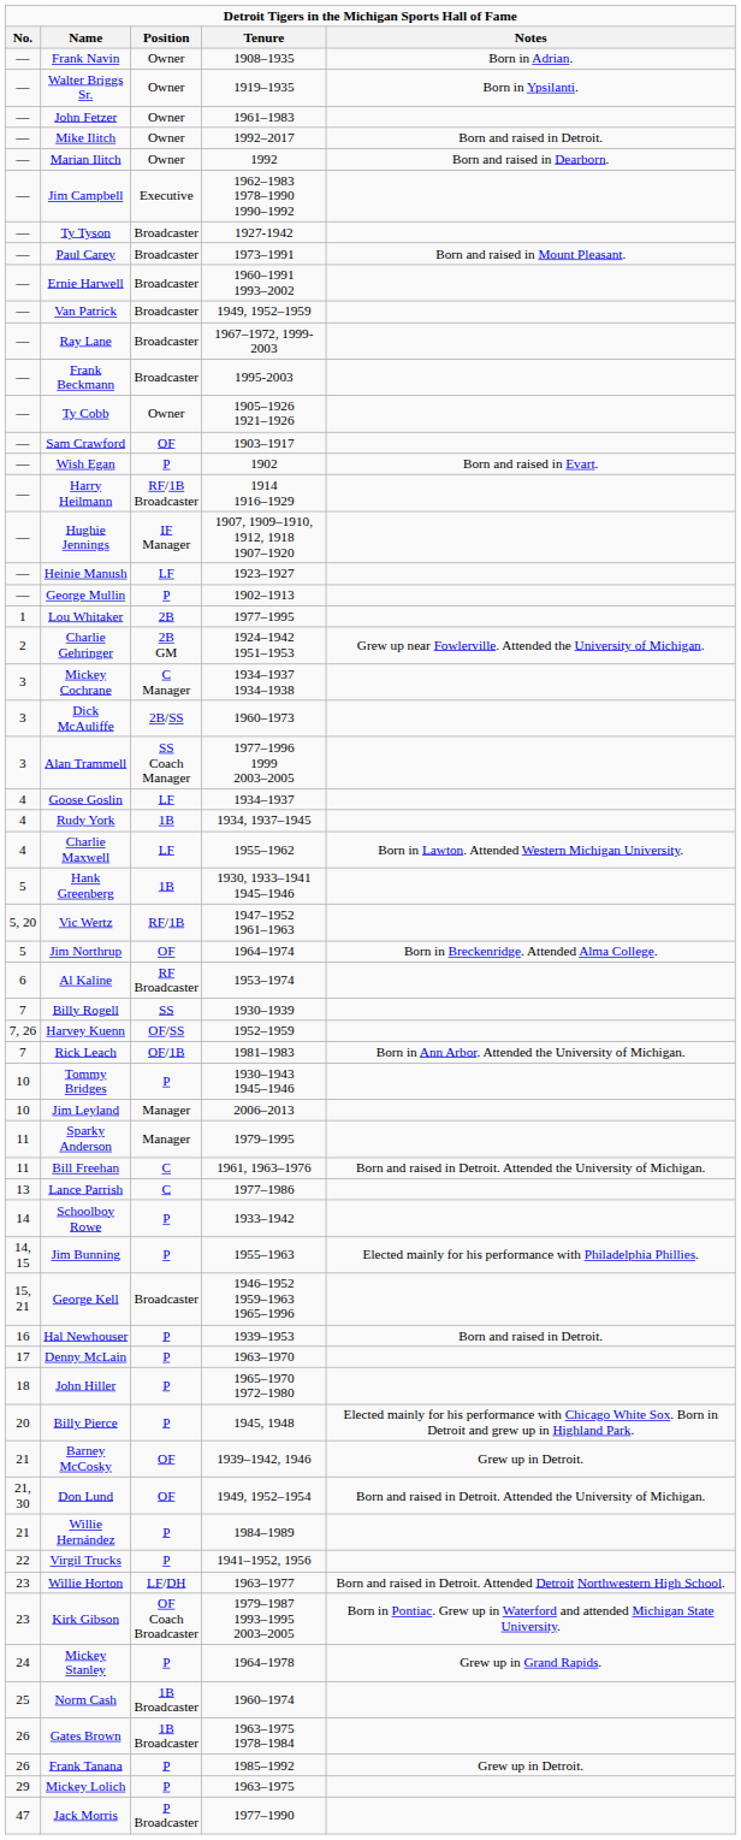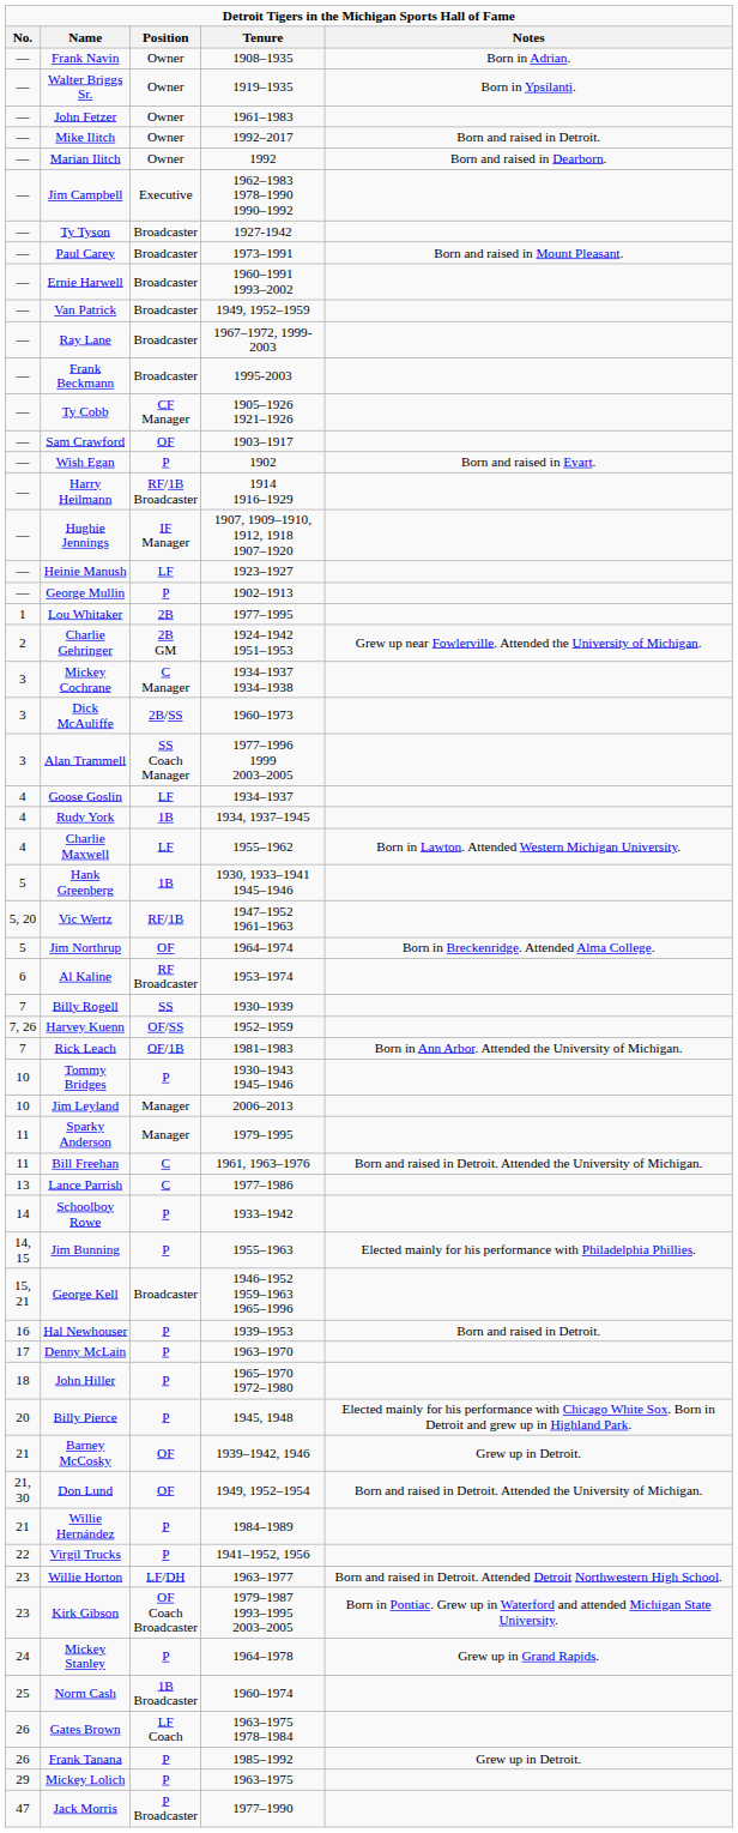 <table class="wikitable" style="text-align:center">
 <tr>
 <td colspan="5"><strong>Detroit Tigers in the Michigan Sports Hall of Fame</strong></td>
 </tr>
 <tr>
 <th>No.</th>
 <th>Name</th>
 <th>Position</th>
 <th>Tenure</th>
 <th>Notes</th>
 </tr>
 <tr>
 <td>—</td>
 <td><a href='#'>Frank Navin</a></td>
 <td>Owner</td>
 <td>1908–1935</td>
 <td>Born in <a href='#'>Adrian</a>.</td>
 </tr>
 <tr>
 <td>—</td>
 <td><a href='#'>Walter Briggs Sr.</a></td>
 <td>Owner</td>
 <td>1919–1935</td>
 <td>Born in <a href='#'>Ypsilanti</a>.</td>
 </tr>
 <tr>
 <td>—</td>
 <td><a href='#'>John Fetzer</a></td>
 <td>Owner</td>
 <td>1961–1983</td>
 <td></td>
 </tr>
 <tr>
 <td>—</td>
 <td><a href='#'>Mike Ilitch</a></td>
 <td>Owner</td>
 <td>1992–2017</td>
 <td>Born and raised in Detroit.</td>
 </tr>
 <tr>
 <td>—</td>
 <td><a href='#'>Marian Ilitch</a></td>
 <td>Owner</td>
 <td>1992</td>
 <td>Born and raised in <a href='#'>Dearborn</a>.</td>
 </tr>
 <tr>
 <td>—</td>
 <td><a href='#'>Jim Campbell</a></td>
 <td>Executive</td>
 <td>1962–1983<br>1978–1990<br>1990–1992</td>
 <td></td>
 </tr>
 <tr>
 <td>—</td>
 <td><a href='#'>Ty Tyson</a></td>
 <td>Broadcaster</td>
 <td>1927-1942</td>
 <td></td>
 </tr>
 <tr>
 <td>—</td>
 <td><a href='#'>Paul Carey</a></td>
 <td>Broadcaster</td>
 <td>1973–1991</td>
 <td>Born and raised in <a href='#'>Mount Pleasant</a>.</td>
 </tr>
 <tr>
 <td>—</td>
 <td><a href='#'>Ernie Harwell</a></td>
 <td>Broadcaster</td>
 <td>1960–1991<br>1993–2002</td>
 <td></td>
 </tr>
 <tr>
 <td>—</td>
 <td><a href='#'>Van Patrick</a></td>
 <td>Broadcaster</td>
 <td>1949, 1952–1959</td>
 <td></td>
 </tr>
 <tr>
 <td>—</td>
 <td><a href='#'>Ray Lane</a></td>
 <td>Broadcaster</td>
 <td>1967–1972, 1999-2003</td>
 <td></td>
 </tr>
 <tr>
 <td>—</td>
 <td><a href='#'>Frank Beckmann</a></td>
 <td>Broadcaster</td>
 <td>1995-2003</td>
 <td></td>
 </tr>
 <tr>
 <td>—</td>
 <td><a href='#'>Ty Cobb</a></td>
-<td>Owner</td>
+<td><a href='#'>CF</a><br>Manager</td>
 <td>1905–1926<br>1921–1926</td>
 <td></td>
 </tr>
 <tr>
 <td>—</td>
 <td><a href='#'>Sam Crawford</a></td>
 <td><a href='#'>OF</a></td>
 <td>1903–1917</td>
 <td></td>
 </tr>
 <tr>
 <td>—</td>
 <td><a href='#'>Wish Egan</a></td>
 <td><a href='#'>P</a></td>
 <td>1902</td>
 <td>Born and raised in <a href='#'>Evart</a>.</td>
 </tr>
 <tr>
 <td>—</td>
 <td><a href='#'>Harry Heilmann</a></td>
 <td><a href='#'>RF</a>/<a href='#'>1B</a><br>Broadcaster</td>
 <td>1914<br>1916–1929</td>
 <td></td>
 </tr>
 <tr>
 <td>—</td>
 <td><a href='#'>Hughie Jennings</a></td>
 <td><a href='#'>IF</a><br>Manager</td>
 <td>1907, 1909–1910, 1912, 1918<br>1907–1920</td>
 <td></td>
 </tr>
 <tr>
 <td>—</td>
 <td><a href='#'>Heinie Manush</a></td>
 <td><a href='#'>LF</a></td>
 <td>1923–1927</td>
 <td></td>
 </tr>
 <tr>
 <td>—</td>
 <td><a href='#'>George Mullin</a></td>
 <td><a href='#'>P</a></td>
 <td>1902–1913</td>
 <td></td>
 </tr>
 <tr>
 <td>1</td>
 <td><a href='#'>Lou Whitaker</a></td>
 <td><a href='#'>2B</a></td>
 <td>1977–1995</td>
 <td></td>
 </tr>
 <tr>
 <td>2</td>
 <td><a href='#'>Charlie Gehringer</a></td>
 <td><a href='#'>2B</a><br>GM</td>
 <td>1924–1942<br>1951–1953</td>
 <td>Grew up near <a href='#'>Fowlerville</a>. Attended the <a href='#'>University of Michigan</a>.</td>
 </tr>
 <tr>
 <td>3</td>
 <td><a href='#'>Mickey Cochrane</a></td>
 <td><a href='#'>C</a><br>Manager</td>
 <td>1934–1937<br>1934–1938</td>
 <td></td>
 </tr>
 <tr>
 <td>3</td>
 <td><a href='#'>Dick McAuliffe</a></td>
 <td><a href='#'>2B</a>/<a href='#'>SS</a></td>
 <td>1960–1973</td>
 <td></td>
 </tr>
 <tr>
 <td>3</td>
 <td><a href='#'>Alan Trammell</a></td>
 <td><a href='#'>SS</a><br>Coach<br>Manager</td>
 <td>1977–1996<br>1999<br>2003–2005</td>
 <td></td>
 </tr>
 <tr>
 <td>4</td>
 <td><a href='#'>Goose Goslin</a></td>
 <td><a href='#'>LF</a></td>
 <td>1934–1937</td>
 <td></td>
 </tr>
 <tr>
 <td>4</td>
 <td><a href='#'>Rudy York</a></td>
 <td><a href='#'>1B</a></td>
 <td>1934, 1937–1945</td>
 <td></td>
 </tr>
 <tr>
 <td>4</td>
 <td><a href='#'>Charlie Maxwell</a></td>
 <td><a href='#'>LF</a></td>
 <td>1955–1962</td>
 <td>Born in <a href='#'>Lawton</a>. Attended <a href='#'>Western Michigan University</a>.</td>
 </tr>
 <tr>
 <td>5</td>
 <td><a href='#'>Hank Greenberg</a></td>
 <td><a href='#'>1B</a></td>
 <td>1930, 1933–1941<br>1945–1946</td>
 <td></td>
 </tr>
 <tr>
 <td>5, 20</td>
 <td><a href='#'>Vic Wertz</a></td>
 <td><a href='#'>RF</a>/<a href='#'>1B</a></td>
 <td>1947–1952<br>1961–1963</td>
 <td></td>
 </tr>
 <tr>
 <td>5</td>
 <td><a href='#'>Jim Northrup</a></td>
 <td><a href='#'>OF</a></td>
 <td>1964–1974</td>
 <td>Born in <a href='#'>Breckenridge</a>. Attended <a href='#'>Alma College</a>.</td>
 </tr>
 <tr>
 <td>6</td>
 <td><a href='#'>Al Kaline</a></td>
 <td><a href='#'>RF</a><br>Broadcaster</td>
 <td>1953–1974</td>
 <td></td>
 </tr>
 <tr>
 <td>7</td>
 <td><a href='#'>Billy Rogell</a></td>
 <td><a href='#'>SS</a></td>
 <td>1930–1939</td>
 <td></td>
 </tr>
 <tr>
 <td>7, 26</td>
 <td><a href='#'>Harvey Kuenn</a></td>
 <td><a href='#'>OF</a>/<a href='#'>SS</a></td>
 <td>1952–1959</td>
 <td></td>
 </tr>
 <tr>
 <td>7</td>
 <td><a href='#'>Rick Leach</a></td>
 <td><a href='#'>OF</a>/<a href='#'>1B</a></td>
 <td>1981–1983</td>
 <td>Born in <a href='#'>Ann Arbor</a>. Attended the University of Michigan.</td>
 </tr>
 <tr>
 <td>10</td>
 <td><a href='#'>Tommy Bridges</a></td>
 <td><a href='#'>P</a></td>
 <td>1930–1943<br>1945–1946</td>
 <td></td>
 </tr>
 <tr>
 <td>10</td>
 <td><a href='#'>Jim Leyland</a></td>
 <td>Manager</td>
 <td>2006–2013</td>
 <td></td>
 </tr>
 <tr>
 <td>11</td>
 <td><a href='#'>Sparky Anderson</a></td>
 <td>Manager</td>
 <td>1979–1995</td>
 <td></td>
 </tr>
 <tr>
 <td>11</td>
 <td><a href='#'>Bill Freehan</a></td>
 <td><a href='#'>C</a></td>
 <td>1961, 1963–1976</td>
 <td>Born and raised in Detroit. Attended the University of Michigan.</td>
 </tr>
 <tr>
 <td>13</td>
 <td><a href='#'>Lance Parrish</a></td>
 <td><a href='#'>C</a></td>
 <td>1977–1986</td>
 <td></td>
 </tr>
 <tr>
 <td>14</td>
 <td><a href='#'>Schoolboy Rowe</a></td>
 <td><a href='#'>P</a></td>
 <td>1933–1942</td>
 <td></td>
 </tr>
 <tr>
 <td>14, 15</td>
 <td><a href='#'>Jim Bunning</a></td>
 <td><a href='#'>P</a></td>
 <td>1955–1963</td>
 <td>Elected mainly for his performance with <a href='#'>Philadelphia Phillies</a>.</td>
 </tr>
 <tr>
 <td>15, 21</td>
 <td><a href='#'>George Kell</a></td>
 <td>Broadcaster</td>
 <td>1946–1952<br>1959–1963<br>1965–1996</td>
 <td></td>
 </tr>
 <tr>
 <td>16</td>
 <td><a href='#'>Hal Newhouser</a></td>
 <td><a href='#'>P</a></td>
 <td>1939–1953</td>
 <td>Born and raised in Detroit.</td>
 </tr>
 <tr>
 <td>17</td>
 <td><a href='#'>Denny McLain</a></td>
 <td><a href='#'>P</a></td>
 <td>1963–1970</td>
 <td></td>
 </tr>
 <tr>
 <td>18</td>
 <td><a href='#'>John Hiller</a></td>
 <td><a href='#'>P</a></td>
 <td>1965–1970<br>1972–1980</td>
 <td></td>
 </tr>
 <tr>
 <td>20</td>
 <td><a href='#'>Billy Pierce</a></td>
 <td><a href='#'>P</a></td>
 <td>1945, 1948</td>
 <td>Elected mainly for his performance with <a href='#'>Chicago White Sox</a>. Born in Detroit and grew up in <a href='#'>Highland Park</a>.</td>
 </tr>
 <tr>
 <td>21</td>
 <td><a href='#'>Barney McCosky</a></td>
 <td><a href='#'>OF</a></td>
 <td>1939–1942, 1946</td>
 <td>Grew up in Detroit.</td>
 </tr>
 <tr>
 <td>21, 30</td>
 <td><a href='#'>Don Lund</a></td>
 <td><a href='#'>OF</a></td>
 <td>1949, 1952–1954</td>
 <td>Born and raised in Detroit. Attended the University of Michigan.</td>
 </tr>
 <tr>
 <td>21</td>
 <td><a href='#'>Willie Hernández</a></td>
 <td><a href='#'>P</a></td>
 <td>1984–1989</td>
 <td></td>
 </tr>
 <tr>
 <td>22</td>
 <td><a href='#'>Virgil Trucks</a></td>
 <td><a href='#'>P</a></td>
 <td>1941–1952, 1956</td>
 <td></td>
 </tr>
 <tr>
 <td>23</td>
 <td><a href='#'>Willie Horton</a></td>
 <td><a href='#'>LF</a>/<a href='#'>DH</a></td>
 <td>1963–1977</td>
 <td>Born and raised in Detroit. Attended <a href='#'>Detroit</a> <a href='#'>Northwestern High School</a>.</td>
 </tr>
 <tr>
 <td>23</td>
 <td><a href='#'>Kirk Gibson</a></td>
 <td><a href='#'>OF</a><br>Coach<br>Broadcaster</td>
 <td>1979–1987<br>1993–1995<br>2003–2005</td>
 <td>Born in <a href='#'>Pontiac</a>. Grew up in <a href='#'>Waterford</a> and attended <a href='#'>Michigan State University</a>.</td>
 </tr>
 <tr>
 <td>24</td>
 <td><a href='#'>Mickey Stanley</a></td>
 <td><a href='#'>P</a></td>
 <td>1964–1978</td>
 <td>Grew up in <a href='#'>Grand Rapids</a>.</td>
 </tr>
 <tr>
 <td>25</td>
 <td><a href='#'>Norm Cash</a></td>
 <td><a href='#'>1B</a><br>Broadcaster</td>
 <td>1960–1974</td>
 <td></td>
 </tr>
 <tr>
 <td>26</td>
 <td><a href='#'>Gates Brown</a></td>
-<td><a href='#'>1B</a><br>Broadcaster</td>
+<td><a href='#'>LF</a><br>Coach</td>
 <td>1963–1975<br>1978–1984</td>
 <td></td>
 </tr>
 <tr>
 <td>26</td>
 <td><a href='#'>Frank Tanana</a></td>
 <td><a href='#'>P</a></td>
 <td>1985–1992</td>
 <td>Grew up in Detroit.</td>
 </tr>
 <tr>
 <td>29</td>
 <td><a href='#'>Mickey Lolich</a></td>
 <td><a href='#'>P</a></td>
 <td>1963–1975</td>
 <td></td>
 </tr>
 <tr>
 <td>47</td>
 <td><a href='#'>Jack Morris</a></td>
 <td><a href='#'>P</a><br>Broadcaster</td>
 <td>1977–1990</td>
 <td></td>
 </tr>
 </table>
